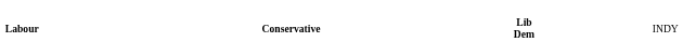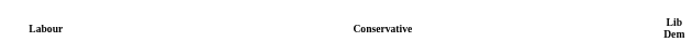 <table style="width:100%; text-align:center;">
 <tr style="color:white;">
 <td style="background:"><strong>42</strong></td>
 <td style="background:"><strong>18</strong></td>
 <td style="background:"><strong>14</strong></td>
-<td style="background:"><strong>1</strong></td>
 </tr>
 <tr>
 <td><span><strong>Labour</strong></span></td>
 <td><span><strong>Conservative</strong></span></td>
 <td><span><strong>Lib<br>Dem</strong></span></td>
-<td>INDY</td>
 </tr>
 </table>
